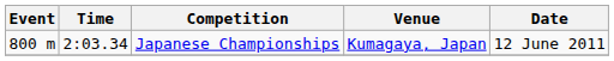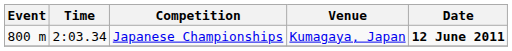 <table class="wikitable" style=text-align:center>
 <tr>
 <th>Event</th>
 <th>Time</th>
 <th>Competition</th>
 <th>Venue</th>
 <th>Date</th>
 </tr>
 <tr>
 <td>800 m</td>
 <td>2:03.34</td>
 <td><a href='#'>Japanese Championships</a></td>
 <td><a href='#'>Kumagaya, Japan</a></td>
-<td>12 June 2011</td>
+<td><strong>12 June 2011</strong></td>
 </tr>
 <tr>
 </tr>
 </table>
